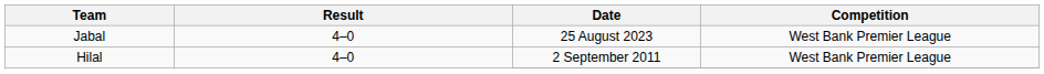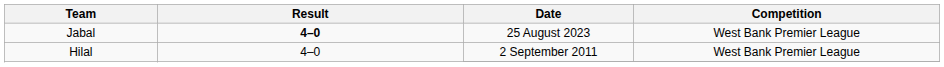 <table class="wikitable" style="text-align: center">
 <tr>
 <th style="width:5%;">Team</th>
 <th style="width:10%;">Result</th>
 <th style="width:5%;">Date</th>
 <th style="width:10%;">Competition</th>
 </tr>
 <tr>
 <td>Jabal</td>
-<td>4–0</td>
+<td><strong>4–0</strong></td>
 <td>25 August 2023</td>
 <td>West Bank Premier League</td>
 </tr>
 <tr>
 <td rowspan="2">Hilal</td>
 <td rowspan="2">4–0</td>
 <td>2 September 2011</td>
 <td>West Bank Premier League</td>
 </tr>
 <tr>
 </tr>
 </table>
